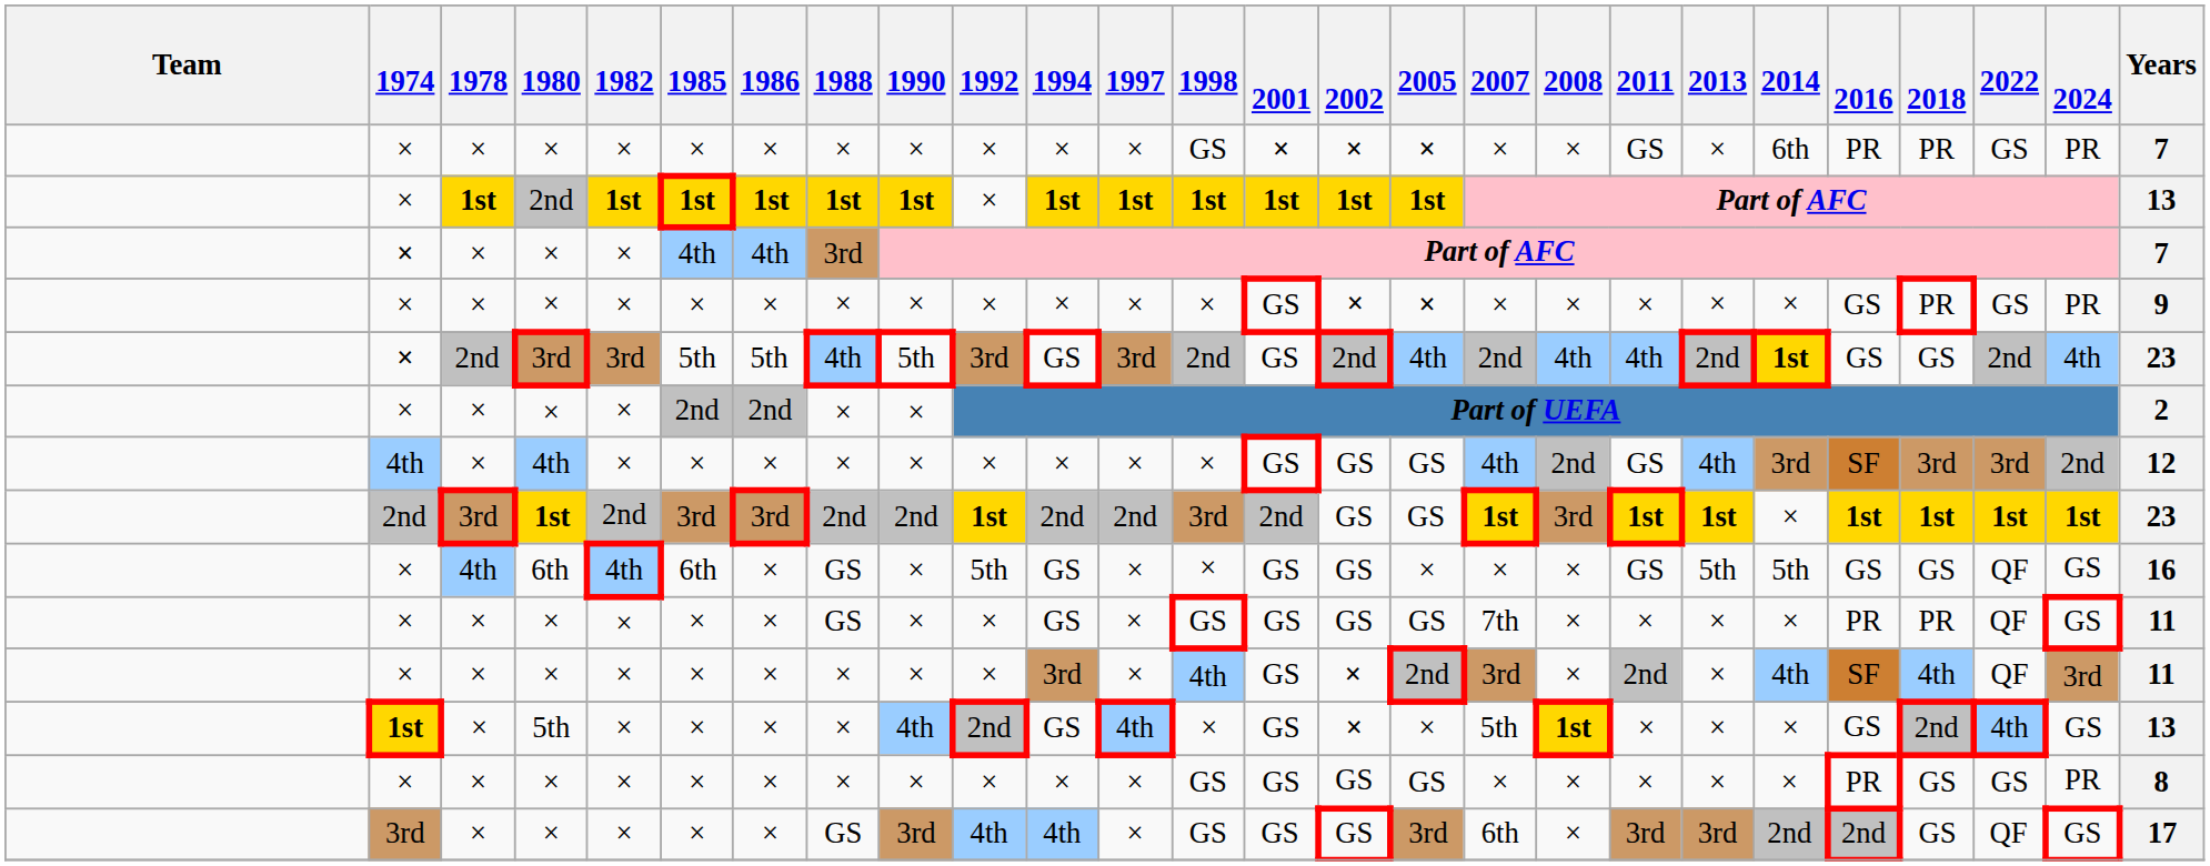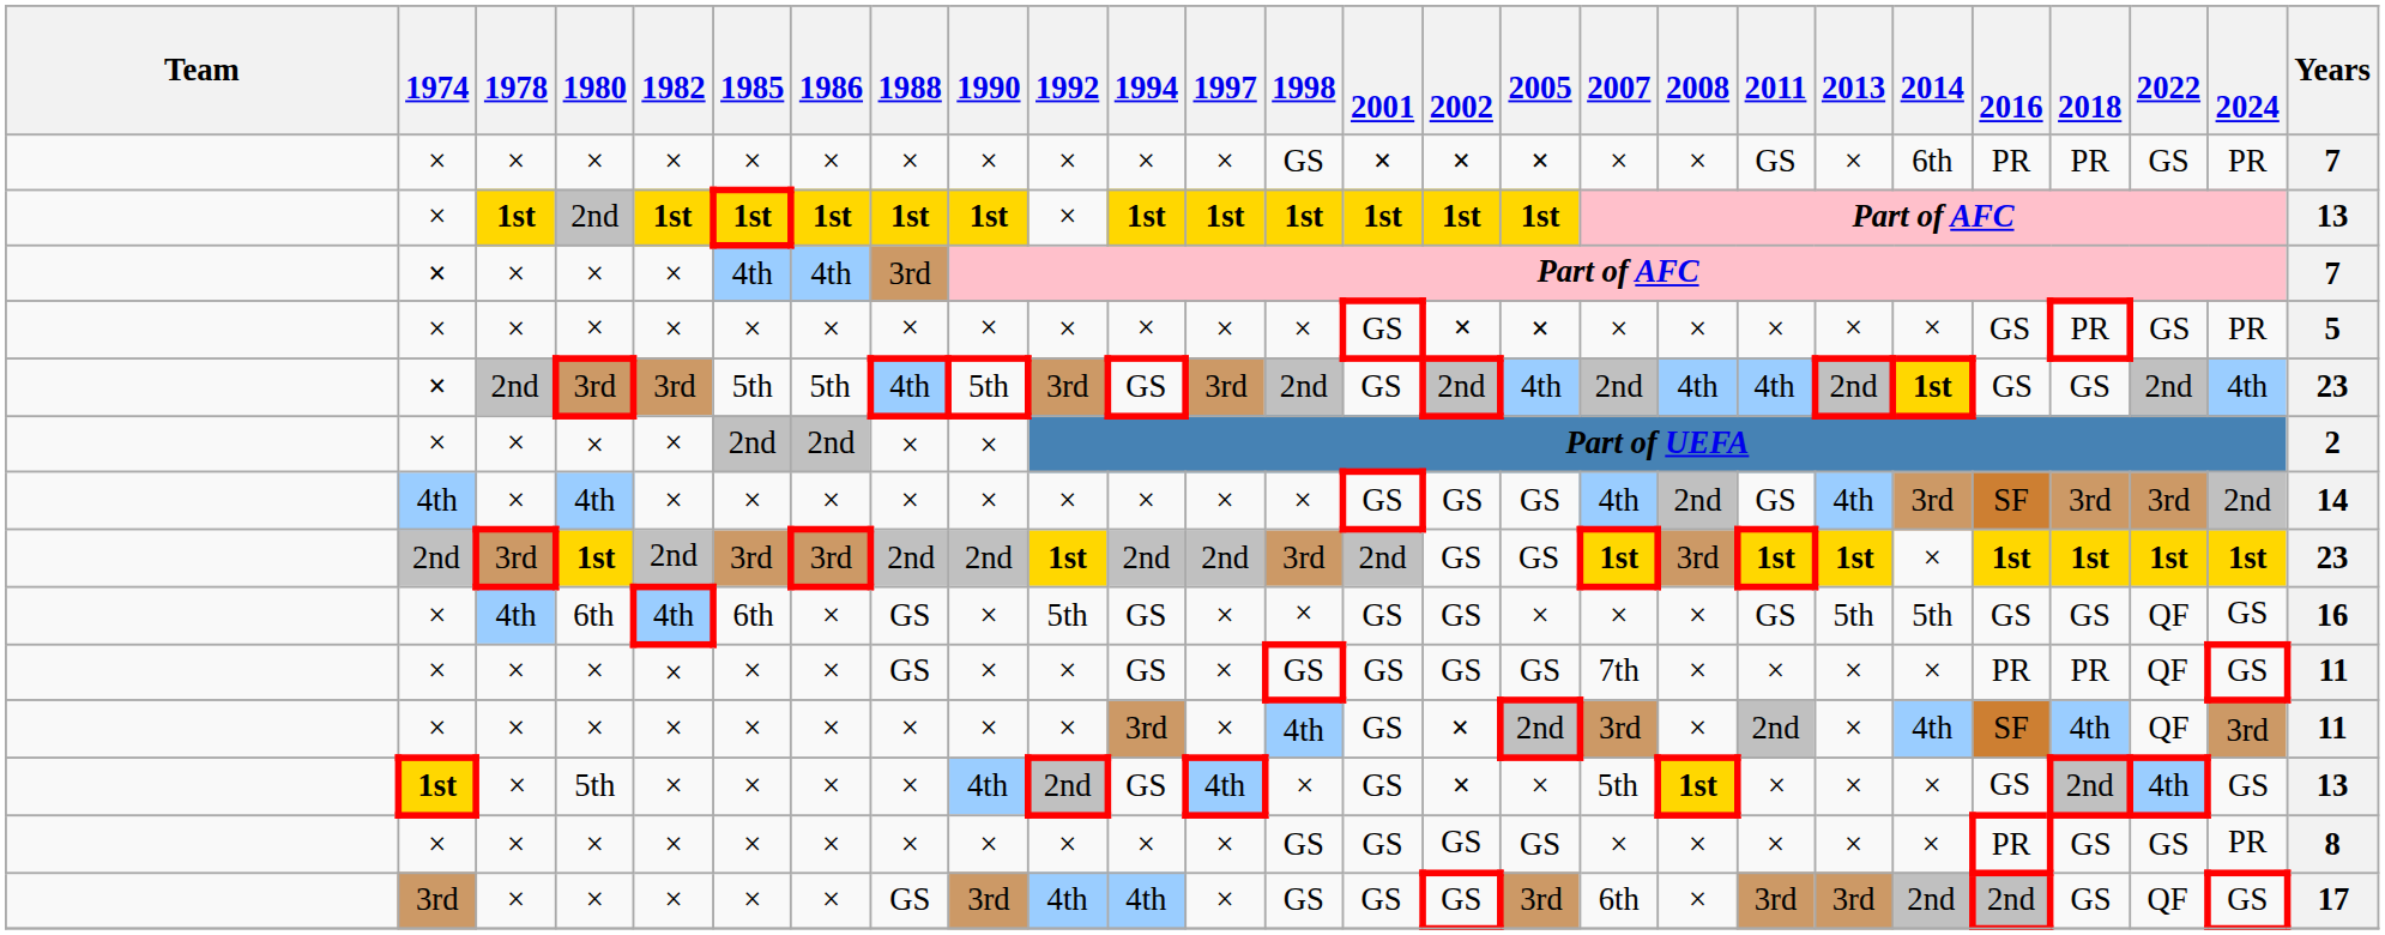 <table class="wikitable" style="text-align:center; font-size:90%">
 <tr>
 <th width=170>Team</th>
 <th><br><a href='#'>1974</a></th>
 <th><br><a href='#'>1978</a></th>
 <th><br><a href='#'>1980</a></th>
 <th><br><a href='#'>1982</a></th>
 <th><br><a href='#'>1985</a></th>
 <th><br><a href='#'>1986</a></th>
 <th><br><a href='#'>1988</a></th>
 <th><br><a href='#'>1990</a></th>
 <th><br><a href='#'>1992</a></th>
 <th><br><a href='#'>1994</a></th>
 <th><br><a href='#'>1997</a></th>
 <th><br><a href='#'>1998</a></th>
 <th><br><br><a href='#'>2001</a></th>
 <th><br><br><a href='#'>2002</a></th>
 <th><br><a href='#'>2005</a></th>
 <th><br><a href='#'>2007</a></th>
 <th><br><a href='#'>2008</a></th>
 <th><br><a href='#'>2011</a></th>
 <th><br><a href='#'>2013</a></th>
 <th><br><a href='#'>2014</a></th>
 <th><br><br><a href='#'>2016</a></th>
 <th><br><br><a href='#'>2018</a></th>
 <th><br><a href='#'>2022</a></th>
 <th><br><br><a href='#'>2024</a></th>
 <th>Years</th>
 </tr>
 <tr>
 <td align=left></td>
 <td>×</td>
 <td>×</td>
 <td>×</td>
 <td>×</td>
 <td>×</td>
 <td>×</td>
 <td>×</td>
 <td>×</td>
 <td>×</td>
 <td>×</td>
 <td>×</td>
 <td>GS</td>
 <td><strong>×</strong></td>
 <td><strong>×</strong></td>
 <td><strong>×</strong></td>
 <td>×</td>
 <td>×</td>
 <td>GS</td>
 <td>×</td>
 <td>6th</td>
 <td>PR</td>
 <td>PR</td>
 <td>GS</td>
 <td>PR</td>
 <th>7</th>
 </tr>
 <tr>
 <td align=left></td>
 <td>×</td>
 <td bgcolor=gold><strong>1st</strong></td>
 <td bgcolor=silver>2nd</td>
 <td bgcolor=gold><strong>1st</strong></td>
 <td style="border: 3px solid red" bgcolor=gold><strong>1st</strong></td>
 <td bgcolor=gold><strong>1st</strong></td>
 <td bgcolor=gold><strong>1st</strong></td>
 <td bgcolor=gold><strong>1st</strong></td>
 <td>×</td>
 <td bgcolor=gold><strong>1st</strong></td>
 <td bgcolor=gold><strong>1st</strong></td>
 <td bgcolor=gold><strong>1st</strong></td>
 <td bgcolor=gold><strong>1st</strong></td>
 <td bgcolor=gold><strong>1st</strong></td>
 <td bgcolor=gold><strong>1st</strong></td>
 <td colspan=9 bgcolor=pink><strong><em>Part of <a href='#'>AFC</a></em></strong></td>
 <th>13</th>
 </tr>
 <tr>
 <td align=left></td>
 <td><strong>×</strong></td>
 <td>×</td>
 <td>×</td>
 <td>×</td>
 <td bgcolor=#9acdff>4th</td>
 <td bgcolor=#9acdff>4th</td>
 <td bgcolor=#cc9966>3rd</td>
 <td colspan=17 bgcolor=pink><strong><em>Part of <a href='#'>AFC</a></em></strong></td>
 <th>7</th>
 </tr>
 <tr>
 <td align=left></td>
 <td>×</td>
 <td>×</td>
 <td>×</td>
 <td>×</td>
 <td>×</td>
 <td>×</td>
 <td>×</td>
 <td>×</td>
 <td>×</td>
 <td>×</td>
 <td>×</td>
 <td>×</td>
 <td style="border: 3px solid red">GS</td>
 <td><strong>×</strong></td>
 <td><strong>×</strong></td>
 <td>×</td>
 <td>×</td>
 <td>×</td>
 <td>×</td>
 <td>×</td>
 <td>GS</td>
 <td style="border: 3px solid red">PR</td>
 <td>GS</td>
 <td>PR</td>
-<th>9</th>
+<th>5</th>
 </tr>
 <tr>
 <td align=left></td>
 <td><strong>×</strong></td>
 <td bgcolor=silver>2nd</td>
 <td style="border: 3px solid red" bgcolor=#cc9966>3rd</td>
 <td bgcolor=#cc9966>3rd</td>
 <td>5th</td>
 <td>5th</td>
 <td style="border: 3px solid red" bgcolor=#9acdff>4th</td>
 <td style="border: 3px solid red">5th</td>
 <td bgcolor=#cc9966>3rd</td>
 <td style="border: 3px solid red">GS</td>
 <td bgcolor=#cc9966>3rd</td>
 <td bgcolor=silver>2nd</td>
 <td>GS</td>
 <td style="border: 3px solid red" bgcolor=silver>2nd</td>
 <td bgcolor=#9acdff>4th</td>
 <td bgcolor=silver>2nd</td>
 <td bgcolor=#9acdff>4th</td>
 <td bgcolor=#9acdff>4th</td>
 <td style="border: 3px solid red" bgcolor=silver>2nd</td>
 <td style="border: 3px solid red" bgcolor=gold><strong>1st</strong></td>
 <td>GS</td>
 <td>GS</td>
 <td bgcolor=silver>2nd</td>
 <td bgcolor=#9acdff>4th</td>
 <th>23</th>
 </tr>
 <tr>
 <td align=left></td>
 <td>×</td>
 <td>×</td>
 <td>×</td>
 <td>×</td>
 <td bgcolor=silver>2nd</td>
 <td bgcolor=silver>2nd</td>
 <td>×</td>
 <td>×</td>
 <td colspan=16 bgcolor=#4682B4><strong><em>Part of <a href='#'>UEFA</a></em></strong></td>
 <th>2</th>
 </tr>
 <tr>
 <td align=left></td>
 <td bgcolor=#9acdff>4th</td>
 <td>×</td>
 <td bgcolor=#9acdff>4th</td>
 <td>×</td>
 <td>×</td>
 <td>×</td>
 <td>×</td>
 <td>×</td>
 <td>×</td>
 <td>×</td>
 <td>×</td>
 <td>×</td>
 <td style="border: 3px solid red">GS</td>
 <td>GS</td>
 <td>GS</td>
 <td bgcolor=#9acdff>4th</td>
 <td bgcolor=silver>2nd</td>
 <td>GS</td>
 <td bgcolor=#9acdff>4th</td>
 <td bgcolor=#cc9966>3rd</td>
 <td bgcolor=#cd7f32>SF</td>
 <td bgcolor=#cc9966>3rd</td>
 <td bgcolor=#cc9966>3rd</td>
 <td bgcolor=silver>2nd</td>
-<th>12</th>
+<th>14</th>
 </tr>
 <tr>
 <td align=left></td>
 <td bgcolor=silver>2nd</td>
 <td style="border: 3px solid red" bgcolor=#cc9966>3rd</td>
 <td bgcolor=gold><strong>1st</strong></td>
 <td bgcolor=silver>2nd</td>
 <td bgcolor=#cc9966>3rd</td>
 <td style="border: 3px solid red" bgcolor=#cc9966>3rd</td>
 <td bgcolor=silver>2nd</td>
 <td bgcolor=silver>2nd</td>
 <td bgcolor=gold><strong>1st</strong></td>
 <td bgcolor=silver>2nd</td>
 <td bgcolor=silver>2nd</td>
 <td bgcolor=#cc9966>3rd</td>
 <td bgcolor=silver>2nd</td>
 <td>GS</td>
 <td>GS</td>
 <td style="border: 3px solid red" bgcolor=gold><strong>1st</strong></td>
 <td bgcolor=#cc9966>3rd</td>
 <td style="border: 3px solid red" bgcolor=gold><strong>1st</strong></td>
 <td bgcolor=gold><strong>1st</strong></td>
 <td>×</td>
 <td bgcolor=gold><strong>1st</strong></td>
 <td bgcolor=gold><strong>1st</strong></td>
 <td bgcolor=gold><strong>1st</strong></td>
 <td bgcolor=gold><strong>1st</strong></td>
 <th>23</th>
 </tr>
 <tr>
 <td align=left></td>
 <td>×</td>
 <td bgcolor=#9acdff>4th</td>
 <td>6th</td>
 <td style="border: 3px solid red" bgcolor=#9acdff>4th</td>
 <td>6th</td>
 <td>×</td>
 <td>GS</td>
 <td>×</td>
 <td>5th</td>
 <td>GS</td>
 <td>×</td>
 <td>×</td>
 <td>GS</td>
 <td>GS</td>
 <td>×</td>
 <td>×</td>
 <td>×</td>
 <td>GS</td>
 <td>5th</td>
 <td>5th</td>
 <td>GS</td>
 <td>GS</td>
 <td>QF</td>
 <td>GS</td>
 <th>16</th>
 </tr>
 <tr>
 <td align=left></td>
 <td>×</td>
 <td>×</td>
 <td>×</td>
 <td>×</td>
 <td>×</td>
 <td>×</td>
 <td>GS</td>
 <td>×</td>
 <td>×</td>
 <td>GS</td>
 <td>×</td>
 <td style="border: 3px solid red">GS</td>
 <td>GS</td>
 <td>GS</td>
 <td>GS</td>
 <td>7th</td>
 <td>×</td>
 <td>×</td>
 <td>×</td>
 <td>×</td>
 <td>PR</td>
 <td>PR</td>
 <td>QF</td>
 <td style="border: 3px solid red">GS</td>
 <th>11</th>
 </tr>
 <tr>
 <td align=left></td>
 <td>×</td>
 <td>×</td>
 <td>×</td>
 <td>×</td>
 <td>×</td>
 <td>×</td>
 <td>×</td>
 <td>×</td>
 <td>×</td>
 <td bgcolor=#cc9966>3rd</td>
 <td>×</td>
 <td bgcolor=#9acdff>4th</td>
 <td>GS</td>
 <td><strong>×</strong></td>
 <td style="border: 3px solid red" bgcolor=silver>2nd</td>
 <td bgcolor=#cc9966>3rd</td>
 <td>×</td>
 <td bgcolor=silver>2nd</td>
 <td>×</td>
 <td bgcolor=#9acdff>4th</td>
 <td bgcolor=#cd7f32>SF</td>
 <td bgcolor=#9acdff>4th</td>
 <td>QF</td>
 <td bgcolor=#cc9966>3rd</td>
 <th>11</th>
 </tr>
 <tr>
 <td align=left></td>
 <td style="border: 3px solid red" bgcolor=gold><strong>1st</strong></td>
 <td>×</td>
 <td>5th</td>
 <td>×</td>
 <td>×</td>
 <td>×</td>
 <td>×</td>
 <td bgcolor=#9acdff>4th</td>
 <td style="border: 3px solid red" bgcolor=silver>2nd</td>
 <td>GS</td>
 <td style="border: 3px solid red" bgcolor=#9acdff>4th</td>
 <td>×</td>
 <td>GS</td>
 <td><strong>×</strong></td>
 <td>×</td>
 <td>5th</td>
 <td style="border: 3px solid red" bgcolor=gold><strong>1st</strong></td>
 <td>×</td>
 <td>×</td>
 <td>×</td>
 <td>GS</td>
 <td style="border: 3px solid red" bgcolor=silver>2nd</td>
 <td style="border: 3px solid red" bgcolor=#9acdff>4th</td>
 <td>GS</td>
 <th>13</th>
 </tr>
 <tr>
 <td align=left></td>
 <td>×</td>
 <td>×</td>
 <td>×</td>
 <td>×</td>
 <td>×</td>
 <td>×</td>
 <td>×</td>
 <td>×</td>
 <td>×</td>
 <td>×</td>
 <td>×</td>
 <td>GS</td>
 <td>GS</td>
 <td>GS</td>
 <td>GS</td>
 <td>×</td>
 <td>×</td>
 <td>×</td>
 <td>×</td>
 <td>×</td>
 <td style="border: 3px solid red">PR</td>
 <td>GS</td>
 <td>GS</td>
 <td>PR</td>
 <th>8</th>
 </tr>
 <tr>
 <td align=left></td>
 <td bgcolor=#cc9966>3rd</td>
 <td>×</td>
 <td>×</td>
 <td>×</td>
 <td>×</td>
 <td>×</td>
 <td>GS</td>
 <td bgcolor=#cc9966>3rd</td>
 <td bgcolor=#9acdff>4th</td>
 <td bgcolor=#9acdff>4th</td>
 <td>×</td>
 <td>GS</td>
 <td>GS</td>
 <td style="border: 3px solid red">GS</td>
 <td bgcolor=#cc9966>3rd</td>
 <td>6th</td>
 <td>×</td>
 <td bgcolor=#cc9966>3rd</td>
 <td bgcolor=#cc9966>3rd</td>
 <td bgcolor=silver>2nd</td>
 <td style="border: 3px solid red" bgcolor=silver>2nd</td>
 <td>GS</td>
 <td>QF</td>
 <td style="border: 3px solid red">GS</td>
 <th>17</th>
 </tr>
 <tr>
 </tr>
 </table>
